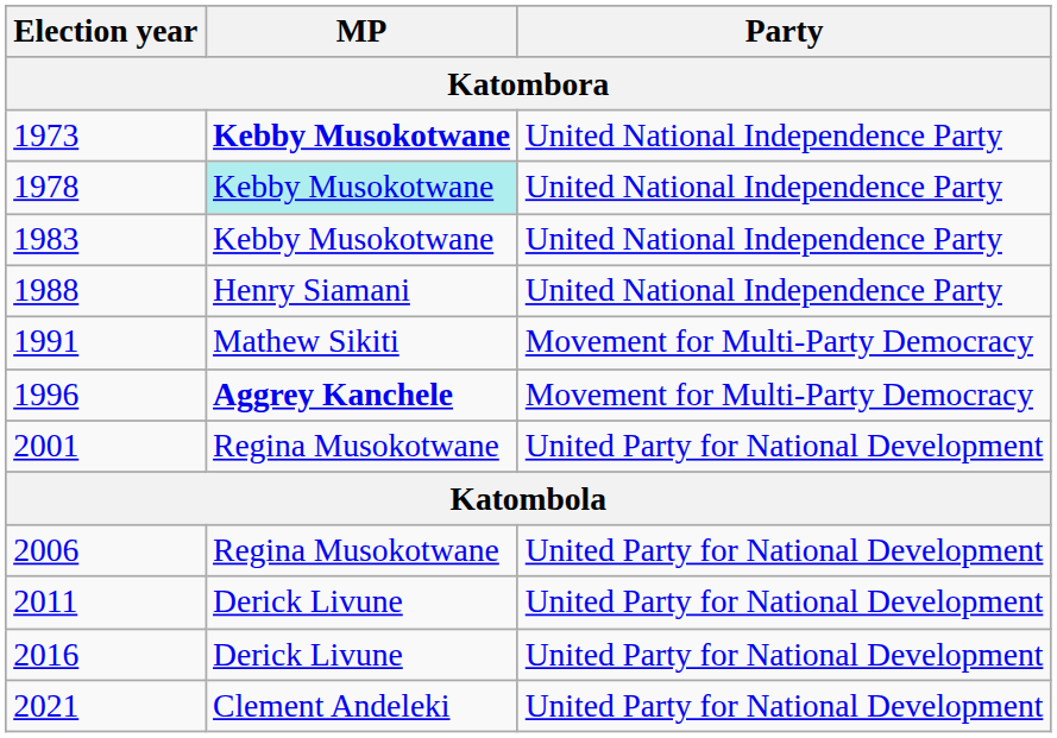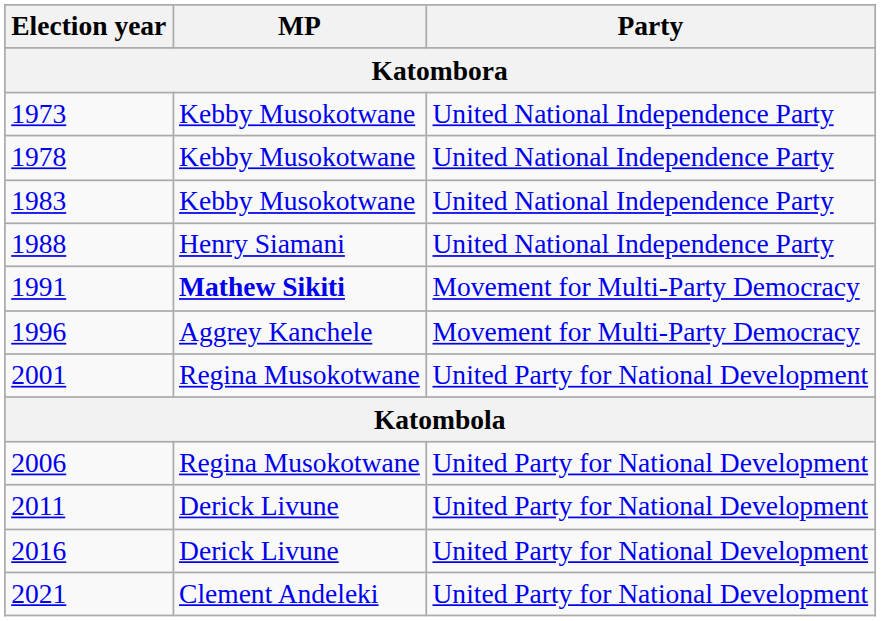 <table class="wikitable">
 <tr>
 <th>Election year</th>
 <th>MP</th>
 <th>Party</th>
 </tr>
 <tr>
 <th colspan="3">Katombora</th>
 </tr>
 <tr>
 <td><a href='#'>1973</a></td>
-<td><strong><a href='#'>Kebby Musokotwane</a></strong></td>
+<td><a href='#'>Kebby Musokotwane</a></td>
 <td><a href='#'>United National Independence Party</a></td>
 </tr>
 <tr>
 <td><a href='#'>1978</a></td>
-<td style="background: paleturquoise;"><a href='#'>Kebby Musokotwane</a></td>
+<td><a href='#'>Kebby Musokotwane</a></td>
 <td><a href='#'>United National Independence Party</a></td>
 </tr>
 <tr>
 <td><a href='#'>1983</a></td>
 <td><a href='#'>Kebby Musokotwane</a></td>
 <td><a href='#'>United National Independence Party</a></td>
 </tr>
 <tr>
 <td><a href='#'>1988</a></td>
 <td><a href='#'>Henry Siamani</a></td>
 <td><a href='#'>United National Independence Party</a></td>
 </tr>
 <tr>
 <td><a href='#'>1991</a></td>
-<td><a href='#'>Mathew Sikiti</a></td>
+<td><strong><a href='#'>Mathew Sikiti</a></strong></td>
 <td><a href='#'>Movement for Multi-Party Democracy</a></td>
 </tr>
 <tr>
 <td><a href='#'>1996</a></td>
-<td><strong><a href='#'>Aggrey Kanchele</a></strong></td>
+<td><a href='#'>Aggrey Kanchele</a></td>
 <td><a href='#'>Movement for Multi-Party Democracy</a></td>
 </tr>
 <tr>
 <td><a href='#'>2001</a></td>
 <td><a href='#'>Regina Musokotwane</a></td>
 <td><a href='#'>United Party for National Development</a></td>
 </tr>
 <tr>
 <th colspan="3">Katombola</th>
 </tr>
 <tr>
 <td><a href='#'>2006</a></td>
 <td><a href='#'>Regina Musokotwane</a></td>
 <td><a href='#'>United Party for National Development</a></td>
 </tr>
 <tr>
 <td><a href='#'>2011</a></td>
 <td><a href='#'>Derick Livune</a></td>
 <td><a href='#'>United Party for National Development</a></td>
 </tr>
 <tr>
 <td><a href='#'>2016</a></td>
 <td><a href='#'>Derick Livune</a></td>
 <td><a href='#'>United Party for National Development</a></td>
 </tr>
 <tr>
 <td><a href='#'>2021</a></td>
 <td><a href='#'>Clement Andeleki</a></td>
 <td><a href='#'>United Party for National Development</a></td>
 </tr>
 </table>
